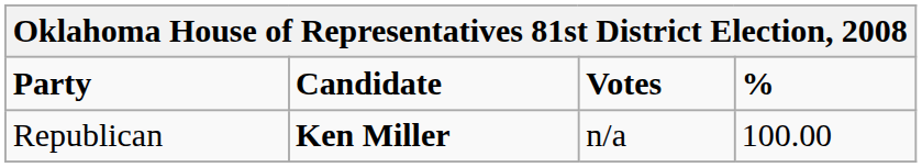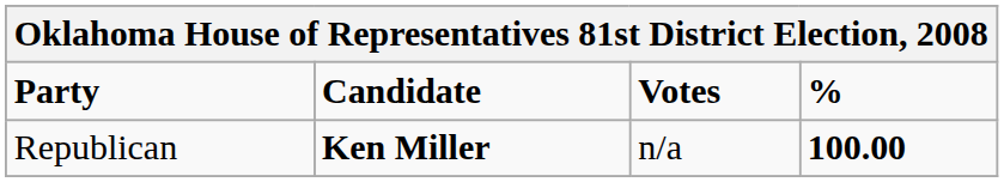 <table class="wikitable">
 <tr>
 <th colspan="4">Oklahoma House of Representatives 81st District Election, 2008</th>
 </tr>
 <tr>
 <td><strong>Party</strong></td>
 <td><strong>Candidate</strong></td>
 <td><strong>Votes</strong></td>
 <td><strong>%</strong></td>
 </tr>
 <tr>
 <td>Republican</td>
 <td><strong>Ken Miller</strong></td>
 <td>n/a</td>
-<td>100.00</td>
+<td><strong>100.00</strong></td>
 </tr>
 </table>
